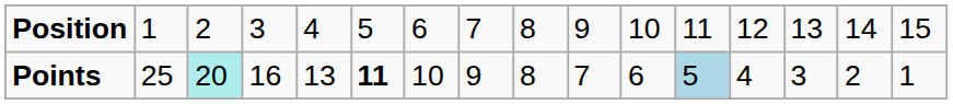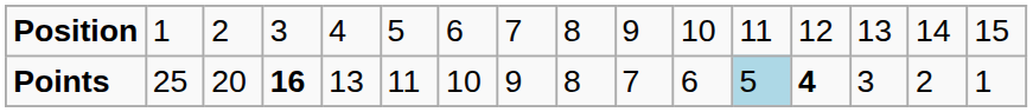 <table class="wikitable" style="font-size: 90%">
 <tr>
 <td><strong>Position</strong></td>
 <td width=20>1</td>
 <td width=20>2</td>
 <td width=20>3</td>
 <td width=20>4</td>
 <td width=20>5</td>
 <td width=20>6</td>
 <td width=20>7</td>
 <td width=20>8</td>
 <td width=20>9</td>
 <td width=20>10</td>
 <td width=20>11</td>
 <td width=20>12</td>
 <td width=20>13</td>
 <td width=20>14</td>
 <td width=20>15</td>
 </tr>
 <tr>
 <td><strong>Points</strong></td>
 <td>25</td>
-<td style="background: paleturquoise;">20</td>
-<td>16</td>
+<td>20</td>
+<td><strong>16</strong></td>
 <td>13</td>
-<td><strong>11</strong></td>
+<td>11</td>
 <td>10</td>
 <td>9</td>
 <td>8</td>
 <td>7</td>
 <td>6</td>
 <td style="background: lightblue;">5</td>
-<td>4</td>
+<td><strong>4</strong></td>
 <td>3</td>
 <td>2</td>
 <td>1</td>
 </tr>
 </table>
